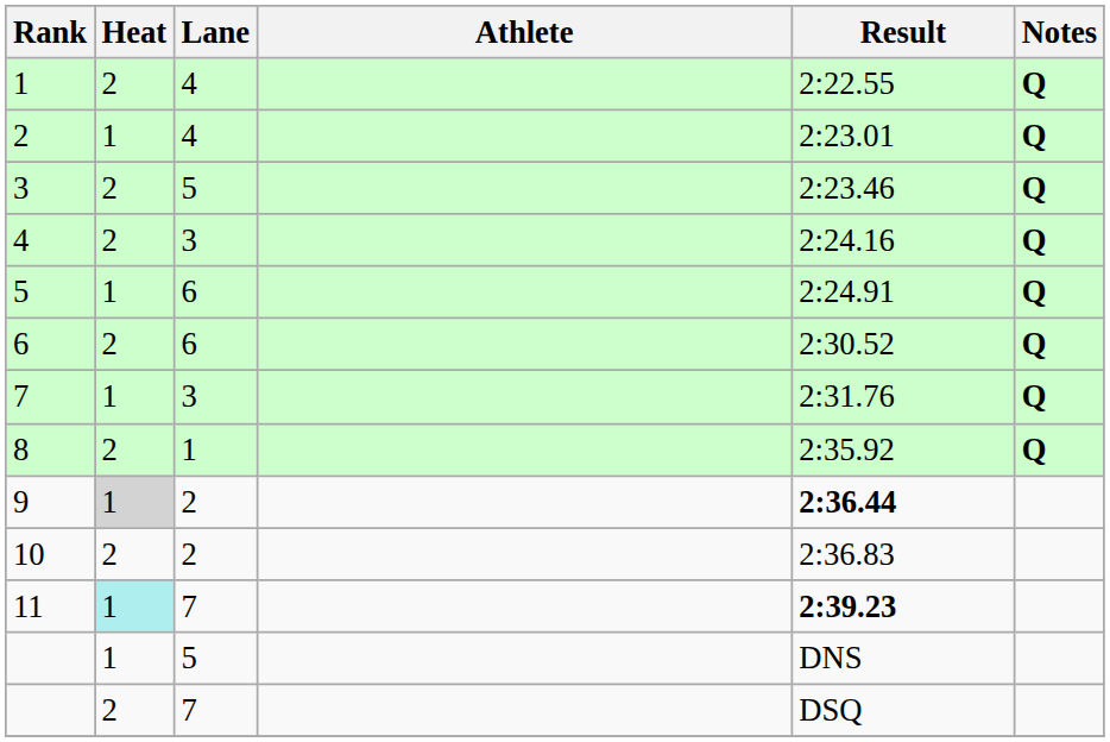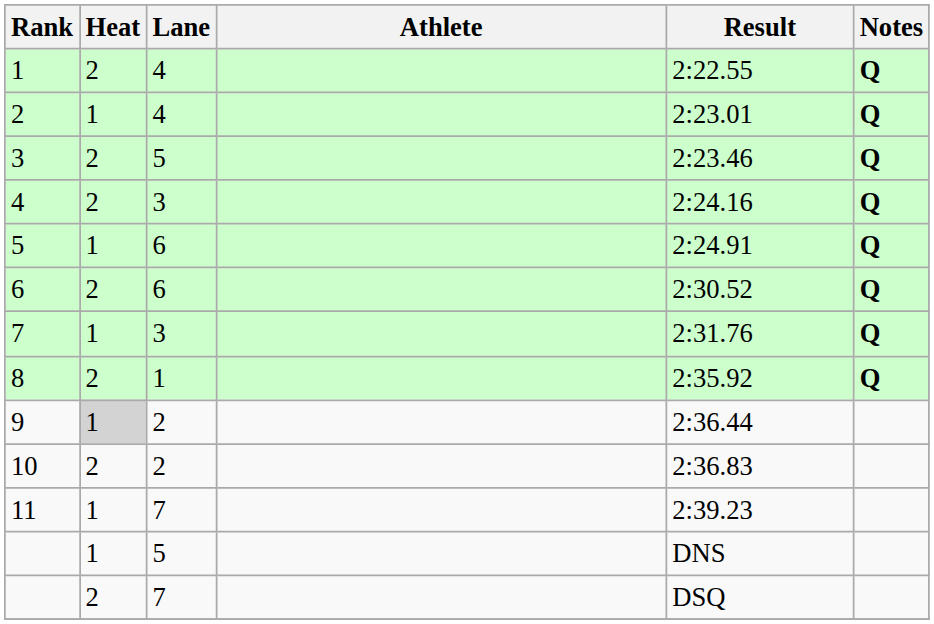 <table class="wikitable" style="font-size:95%" style="width:35em;" style="text-align:center">
 <tr>
 <th>Rank</th>
 <th>Heat</th>
 <th>Lane</th>
 <th width=250>Athlete</th>
 <th width=100>Result</th>
 <th>Notes</th>
 </tr>
 <tr bgcolor=ccffcc>
 <td>1</td>
 <td>2</td>
 <td>4</td>
 <td align=left></td>
 <td>2:22.55</td>
 <td><strong>Q</strong></td>
 </tr>
 <tr bgcolor=ccffcc>
 <td>2</td>
 <td>1</td>
 <td>4</td>
 <td align=left></td>
 <td>2:23.01</td>
 <td><strong>Q</strong></td>
 </tr>
 <tr bgcolor=ccffcc>
 <td>3</td>
 <td>2</td>
 <td>5</td>
 <td align=left></td>
 <td>2:23.46</td>
 <td><strong>Q</strong></td>
 </tr>
 <tr bgcolor=ccffcc>
 <td>4</td>
 <td>2</td>
 <td>3</td>
 <td align=left></td>
 <td>2:24.16</td>
 <td><strong>Q</strong></td>
 </tr>
 <tr bgcolor=ccffcc>
 <td>5</td>
 <td>1</td>
 <td>6</td>
 <td align=left></td>
 <td>2:24.91</td>
 <td><strong>Q</strong></td>
 </tr>
 <tr bgcolor=ccffcc>
 <td>6</td>
 <td>2</td>
 <td>6</td>
 <td align=left></td>
 <td>2:30.52</td>
 <td><strong>Q</strong></td>
 </tr>
 <tr bgcolor=ccffcc>
 <td>7</td>
 <td>1</td>
 <td>3</td>
 <td align=left></td>
 <td>2:31.76</td>
 <td><strong>Q</strong></td>
 </tr>
 <tr bgcolor=ccffcc>
 <td>8</td>
 <td>2</td>
 <td>1</td>
 <td align=left></td>
 <td>2:35.92</td>
 <td><strong>Q</strong></td>
 </tr>
 <tr>
 <td>9</td>
 <td style="background: lightgrey;">1</td>
 <td>2</td>
 <td align=left></td>
-<td><strong>2:36.44</strong></td>
+<td>2:36.44</td>
 <td></td>
 </tr>
 <tr>
 <td>10</td>
 <td>2</td>
 <td>2</td>
 <td align=left></td>
 <td>2:36.83</td>
 <td></td>
 </tr>
 <tr>
 <td>11</td>
-<td style="background: paleturquoise;">1</td>
+<td>1</td>
 <td>7</td>
 <td align=left></td>
-<td><strong>2:39.23</strong></td>
+<td>2:39.23</td>
 <td></td>
 </tr>
 <tr>
 <td></td>
 <td>1</td>
 <td>5</td>
 <td align=left></td>
 <td>DNS</td>
 <td></td>
 </tr>
 <tr>
 <td></td>
 <td>2</td>
 <td>7</td>
 <td align=left></td>
 <td>DSQ</td>
 <td></td>
 </tr>
 <tr>
 </tr>
 </table>
